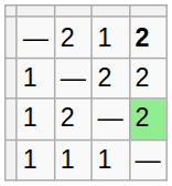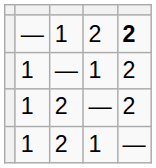 <table class="wikitable">
 <tr>
 <th></th>
 <th></th>
 <th></th>
 <th></th>
 <th></th>
 </tr>
 <tr>
 <th></th>
 <td>—</td>
+<td>1</td>
 <td>2</td>
-<td>1</td>
 <td><strong>2</strong></td>
 </tr>
 <tr>
 <th></th>
 <td>1</td>
 <td>—</td>
-<td>2</td>
+<td>1</td>
 <td>2</td>
 </tr>
 <tr>
 <th></th>
 <td>1</td>
 <td>2</td>
 <td>—</td>
-<td style="background: lightgreen;">2</td>
+<td>2</td>
 </tr>
 <tr>
 <th></th>
 <td>1</td>
-<td>1</td>
+<td>2</td>
 <td>1</td>
 <td>—</td>
 </tr>
 </table>
